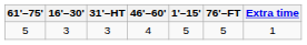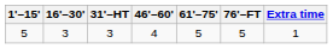 <table class="wikitable" style="text-align:center">
 <tr>
-<th>61'–75'</th>
+<th>1'–15'</th>
 <th>16'–30'</th>
 <th>31'–HT</th>
 <th>46'–60'</th>
-<th>1'–15'</th>
+<th>61'–75'</th>
 <th>76'–FT</th>
 <th><a href='#'>Extra time</a></th>
 </tr>
 <tr>
 <td>5</td>
 <td>3</td>
 <td>3</td>
 <td>4</td>
 <td>5</td>
 <td>5</td>
 <td>1</td>
 </tr>
 </table>
